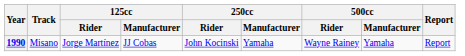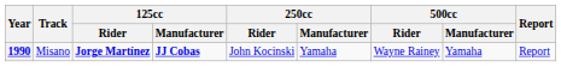 <table class="wikitable" style="font-size: 95%;">
 <tr>
 <th rowspan=2>Year</th>
 <th rowspan=2>Track</th>
 <th colspan=2>125cc</th>
 <th colspan=2>250cc</th>
 <th colspan=2>500cc</th>
 <th rowspan=2>Report</th>
 </tr>
 <tr>
 <th>Rider</th>
 <th>Manufacturer</th>
 <th>Rider</th>
 <th>Manufacturer</th>
 <th>Rider</th>
 <th>Manufacturer</th>
 </tr>
 <tr>
 <th><a href='#'>1990</a></th>
 <td><a href='#'>Misano</a></td>
-<td> <a href='#'>Jorge Martínez</a></td>
-<td><a href='#'>JJ Cobas</a></td>
+<td><strong> <a href='#'>Jorge Martínez</a></strong></td>
+<td><strong><a href='#'>JJ Cobas</a></strong></td>
 <td> <a href='#'>John Kocinski</a></td>
 <td><a href='#'>Yamaha</a></td>
 <td> <a href='#'>Wayne Rainey</a></td>
 <td><a href='#'>Yamaha</a></td>
 <td><a href='#'>Report</a></td>
 </tr>
 </table>
